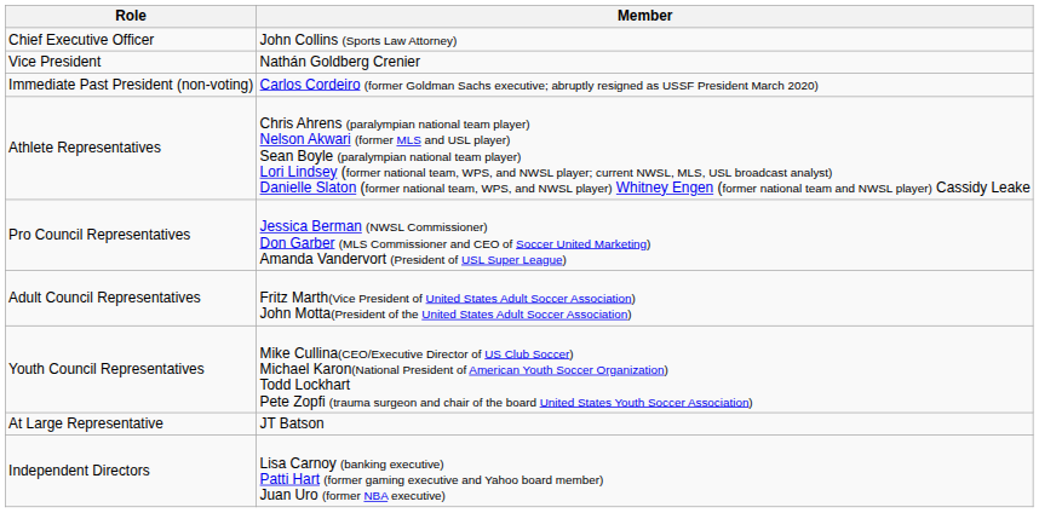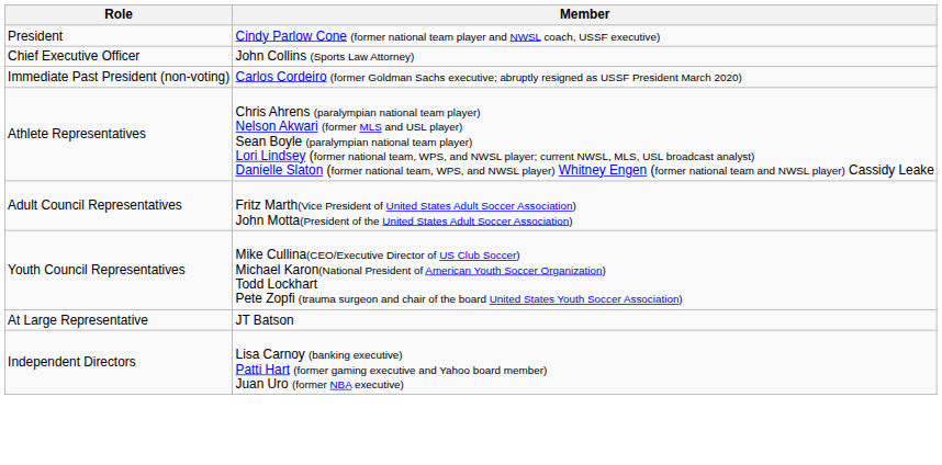 <table class="wikitable">
 <tr>
 <th>Role</th>
 <th>Member</th>
 </tr>
 <tr>
+<td>President</td>
+<td><a href='#'>Cindy Parlow Cone</a> <small>(former national team player and <a href='#'>NWSL</a> coach, USSF executive)</small></td>
+</tr>
+<tr>
 <td>Chief Executive Officer</td>
 <td>John Collins <small>(Sports Law Attorney)</small></td>
-</tr>
-<tr>
-<td>Vice President</td>
-<td>Nathán Goldberg Crenier</td>
 </tr>
 <tr>
 <td>Immediate Past President (non-voting)</td>
 <td><a href='#'>Carlos Cordeiro</a> <small>(former Goldman Sachs executive; abruptly resigned as USSF President March 2020)</small></td>
 </tr>
 <tr>
 <td>Athlete Representatives</td>
 <td><br>Chris Ahrens <small>(paralympian national team player)</small><br> <a href='#'>Nelson Akwari</a> <small>(former <a href='#'>MLS</a> and USL player)</small><br> Sean Boyle <small>(paralympian national team player)</small><br> <a href='#'>Lori Lindsey</a> (<small>former national team, WPS, and NWSL player; current NWSL, MLS, USL broadcast analyst)</small><br> <a href='#'>Danielle Slaton</a> (<small>former national team, WPS, and NWSL player)</small> <a href='#'>Whitney Engen</a> (<small>former national team and NWSL player)</small> Cassidy Leake</td>
-</tr>
-<tr>
-<td>Pro Council Representatives</td>
-<td><br><a href='#'>Jessica Berman</a> <small>(NWSL Commissioner)</small><br> <a href='#'>Don Garber</a> <small>(MLS Commissioner and CEO of <a href='#'>Soccer United Marketing</a>)</small><br> Amanda Vandervort <small>(President of <a href='#'>USL Super League</a>)</small><br></td>
 </tr>
 <tr>
 <td>Adult Council Representatives</td>
 <td><br>Fritz Marth<small>(Vice President of <a href='#'>United States Adult Soccer Association</a>)</small><br> John Motta<small>(President of the <a href='#'>United States Adult Soccer Association</a>)</small></td>
 </tr>
 <tr>
 <td>Youth Council Representatives</td>
 <td><br>Mike Cullina<small>(CEO/Executive Director of <a href='#'>US Club Soccer</a>)</small><br> Michael Karon<small>(National President of <a href='#'>American Youth Soccer Organization</a>)</small><br> Todd Lockhart<br> Pete Zopfi <small>(trauma surgeon and chair of the board <a href='#'>United States Youth Soccer Association</a>)</small></td>
 </tr>
 <tr>
 <td>At Large Representative</td>
 <td>JT Batson</td>
 </tr>
 <tr>
 <td>Independent Directors</td>
 <td><br>Lisa Carnoy <small>(banking executive)</small><br> <a href='#'>Patti Hart</a> <small>(former gaming executive and Yahoo board member)</small><br> Juan Uro <small>(former <a href='#'>NBA</a> executive)</small></td>
 </tr>
 </table>
